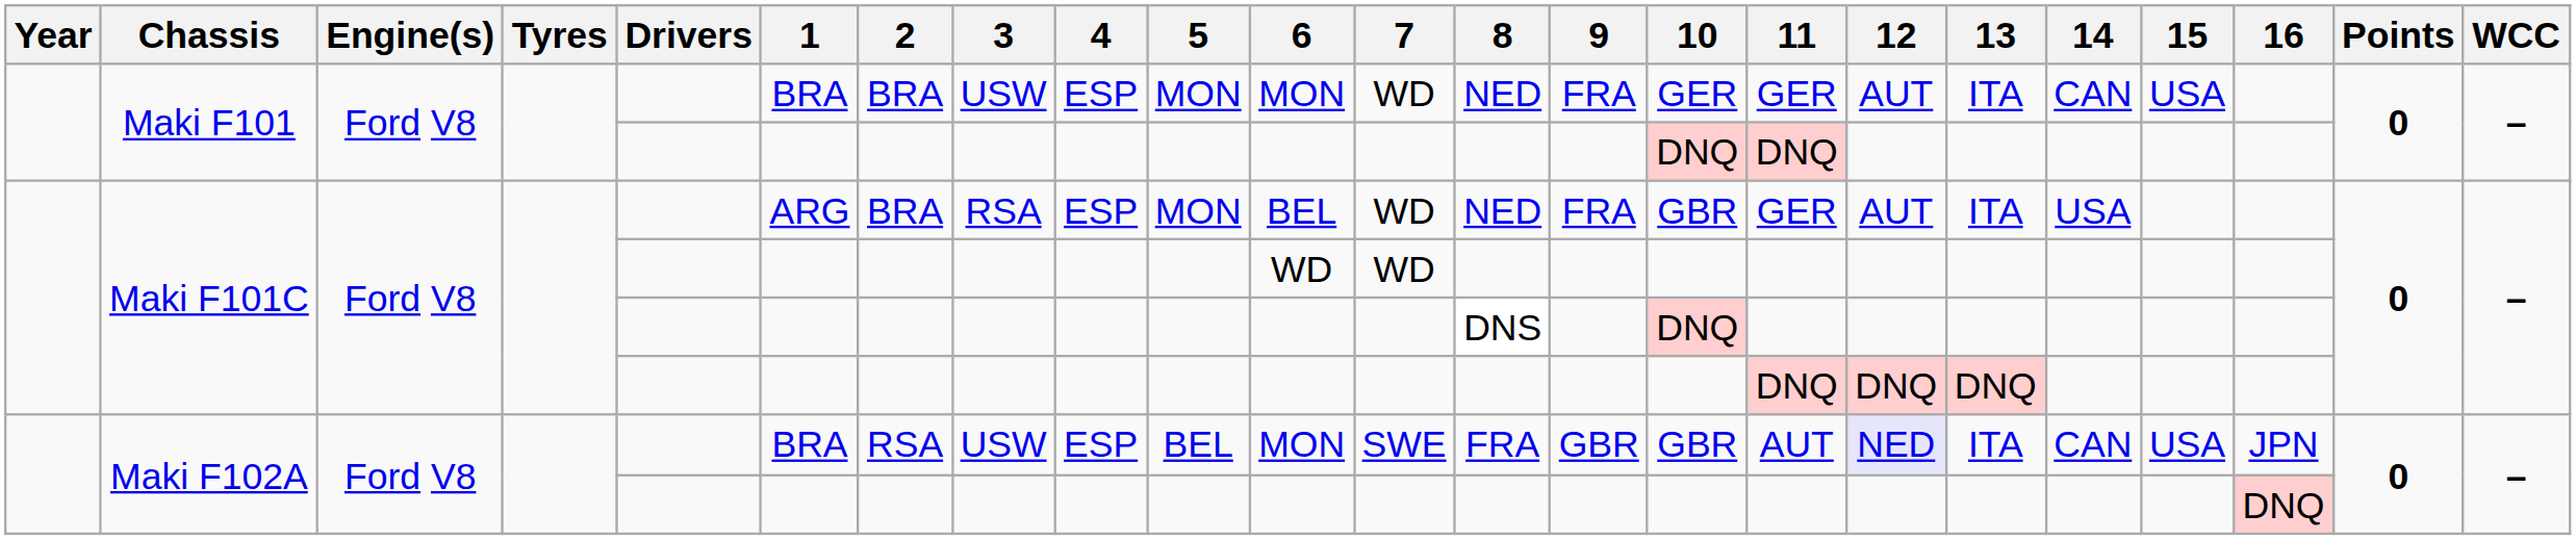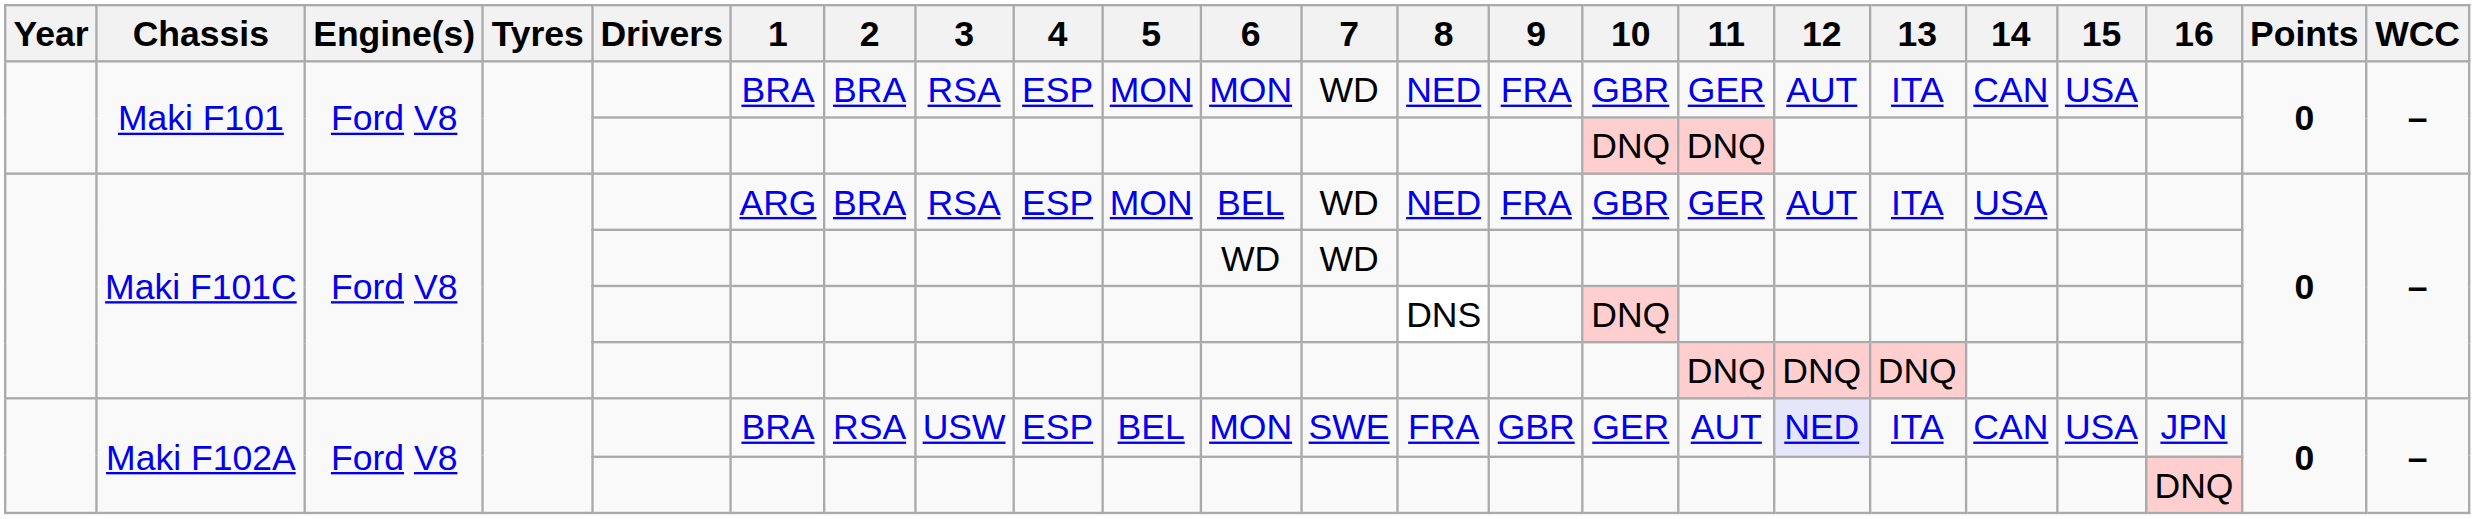 <table class="wikitable" style="text-align:center; font-size:95%">
 <tr>
 <th>Year</th>
 <th>Chassis</th>
 <th>Engine(s)</th>
 <th>Tyres</th>
 <th>Drivers</th>
 <th>1</th>
 <th>2</th>
 <th>3</th>
 <th>4</th>
 <th>5</th>
 <th>6</th>
 <th>7</th>
 <th>8</th>
 <th>9</th>
 <th>10</th>
 <th>11</th>
 <th>12</th>
 <th>13</th>
 <th>14</th>
 <th>15</th>
 <th>16</th>
 <th>Points</th>
 <th>WCC</th>
 </tr>
 <tr>
 <td rowspan="2"></td>
 <td rowspan="2"><a href='#'>Maki F101</a></td>
 <td rowspan="2"><a href='#'>Ford</a> <a href='#'>V8</a></td>
 <td rowspan="2"></td>
 <td></td>
 <td><a href='#'>BRA</a></td>
 <td><a href='#'>BRA</a></td>
-<td><a href='#'>USW</a></td>
+<td><a href='#'>RSA</a></td>
 <td><a href='#'>ESP</a></td>
 <td><a href='#'>MON</a></td>
 <td><a href='#'>MON</a></td>
 <td>WD</td>
 <td><a href='#'>NED</a></td>
 <td><a href='#'>FRA</a></td>
-<td><a href='#'>GER</a></td>
+<td><a href='#'>GBR</a></td>
 <td><a href='#'>GER</a></td>
 <td><a href='#'>AUT</a></td>
 <td><a href='#'>ITA</a></td>
 <td><a href='#'>CAN</a></td>
 <td><a href='#'>USA</a></td>
 <td></td>
 <td rowspan="2"><strong>0</strong></td>
 <td rowspan="2"><strong>–</strong></td>
 </tr>
 <tr>
 <td align="left"></td>
 <td></td>
 <td></td>
 <td></td>
 <td></td>
 <td></td>
 <td></td>
 <td></td>
 <td></td>
 <td></td>
 <td style="background:#ffcfcf;">DNQ</td>
 <td style="background:#ffcfcf;">DNQ</td>
 <td></td>
 <td></td>
 <td></td>
 <td></td>
 <td></td>
 </tr>
 <tr>
 <td rowspan="4"></td>
 <td rowspan="4"><a href='#'>Maki F101C</a></td>
 <td rowspan="4"><a href='#'>Ford</a> <a href='#'>V8</a></td>
 <td rowspan="4"><br></td>
 <td></td>
 <td><a href='#'>ARG</a></td>
 <td><a href='#'>BRA</a></td>
 <td><a href='#'>RSA</a></td>
 <td><a href='#'>ESP</a></td>
 <td><a href='#'>MON</a></td>
 <td><a href='#'>BEL</a></td>
 <td>WD</td>
 <td><a href='#'>NED</a></td>
 <td><a href='#'>FRA</a></td>
 <td><a href='#'>GBR</a></td>
 <td><a href='#'>GER</a></td>
 <td><a href='#'>AUT</a></td>
 <td><a href='#'>ITA</a></td>
 <td><a href='#'>USA</a></td>
 <td></td>
 <td></td>
 <td rowspan="4"><strong>0</strong></td>
 <td rowspan="4"><strong>–</strong></td>
 </tr>
 <tr>
 <td align="left"></td>
 <td></td>
 <td></td>
 <td></td>
 <td></td>
 <td></td>
 <td>WD</td>
 <td>WD</td>
 <td></td>
 <td></td>
 <td></td>
 <td></td>
 <td></td>
 <td></td>
 <td></td>
 <td></td>
 <td></td>
 </tr>
 <tr>
 <td align="left"></td>
 <td></td>
 <td></td>
 <td></td>
 <td></td>
 <td></td>
 <td></td>
 <td></td>
 <td style="background:#ffffff;">DNS</td>
 <td></td>
 <td style="background:#FFCFCF;">DNQ</td>
 <td></td>
 <td></td>
 <td></td>
 <td></td>
 <td></td>
 <td></td>
 </tr>
 <tr>
 <td align="left"></td>
 <td></td>
 <td></td>
 <td></td>
 <td></td>
 <td></td>
 <td></td>
 <td></td>
 <td></td>
 <td></td>
 <td></td>
 <td style="background:#FFCFCF;">DNQ</td>
 <td style="background:#FFCFCF;">DNQ</td>
 <td style="background:#FFCFCF;">DNQ</td>
 <td></td>
 <td></td>
 <td></td>
 </tr>
 <tr>
 <td rowspan="2"></td>
 <td rowspan="2"><a href='#'>Maki F102A</a></td>
 <td rowspan="2"><a href='#'>Ford</a> <a href='#'>V8</a></td>
 <td rowspan="2"></td>
 <td></td>
 <td><a href='#'>BRA</a></td>
 <td><a href='#'>RSA</a></td>
 <td><a href='#'>USW</a></td>
 <td><a href='#'>ESP</a></td>
 <td><a href='#'>BEL</a></td>
 <td><a href='#'>MON</a></td>
 <td><a href='#'>SWE</a></td>
 <td><a href='#'>FRA</a></td>
 <td><a href='#'>GBR</a></td>
-<td><a href='#'>GBR</a></td>
+<td><a href='#'>GER</a></td>
 <td><a href='#'>AUT</a></td>
 <td style="background: lavender;"><a href='#'>NED</a></td>
 <td><a href='#'>ITA</a></td>
 <td><a href='#'>CAN</a></td>
 <td><a href='#'>USA</a></td>
 <td><a href='#'>JPN</a></td>
 <td rowspan="2"><strong>0</strong></td>
 <td rowspan="2"><strong>–</strong></td>
 </tr>
 <tr>
 <td align="left"></td>
 <td></td>
 <td></td>
 <td></td>
 <td></td>
 <td></td>
 <td></td>
 <td></td>
 <td></td>
 <td></td>
 <td></td>
 <td></td>
 <td></td>
 <td></td>
 <td></td>
 <td></td>
 <td style="background:#FFCFCF;">DNQ</td>
 </tr>
 </table>
